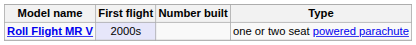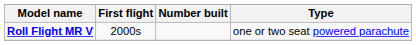 <table class="wikitable" align=center style="font-size:90%;">
 <tr>
 </tr>
 <tr style="background:#efefef;">
 <th>Model name</th>
 <th>First flight</th>
 <th>Number built</th>
 <th>Type</th>
 </tr>
 <tr>
 <td align=left><strong><a href='#'>Roll Flight MR V</a></strong></td>
-<td align=center style="background: lavender;">2000s</td>
+<td align=center>2000s</td>
 <td align=center></td>
 <td align=left>one or two seat <a href='#'>powered parachute</a></td>
 </tr>
 <tr>
 </tr>
 </table>
